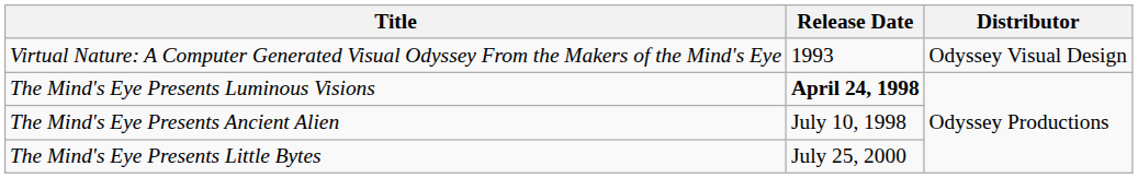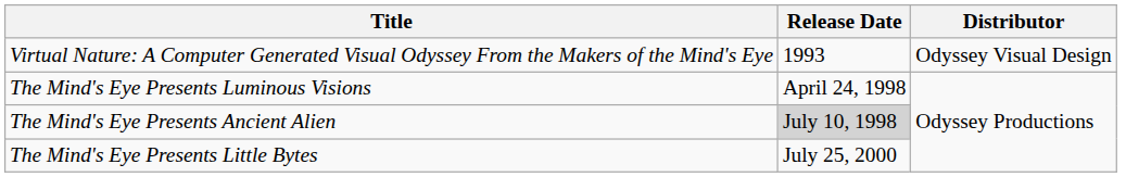 <table class = "wikitable unsortable">
 <tr>
 <th>Title</th>
 <th>Release Date</th>
 <th>Distributor</th>
 </tr>
 <tr>
 <td><em>Virtual Nature: A Computer Generated Visual Odyssey From the Makers of the Mind's Eye</em></td>
 <td>1993</td>
 <td>Odyssey Visual Design</td>
 </tr>
 <tr>
 <td><em>The Mind's Eye Presents Luminous Visions</em></td>
-<td><strong>April 24, 1998</strong></td>
+<td>April 24, 1998</td>
 <td rowspan="3">Odyssey Productions</td>
 </tr>
 <tr>
 <td><em>The Mind's Eye Presents Ancient Alien</em></td>
-<td>July 10, 1998</td>
+<td style="background: lightgrey;">July 10, 1998</td>
 </tr>
 <tr>
 <td><em>The Mind's Eye Presents Little Bytes</em></td>
 <td>July 25, 2000</td>
 </tr>
 </table>
